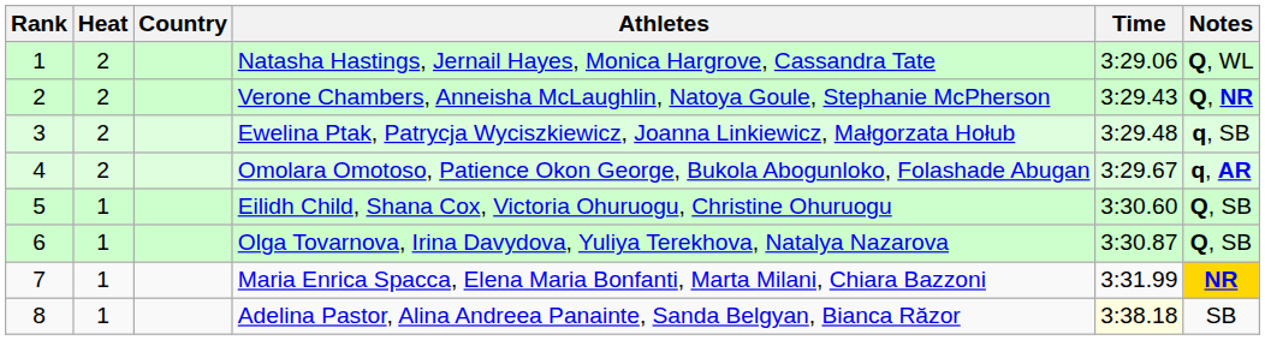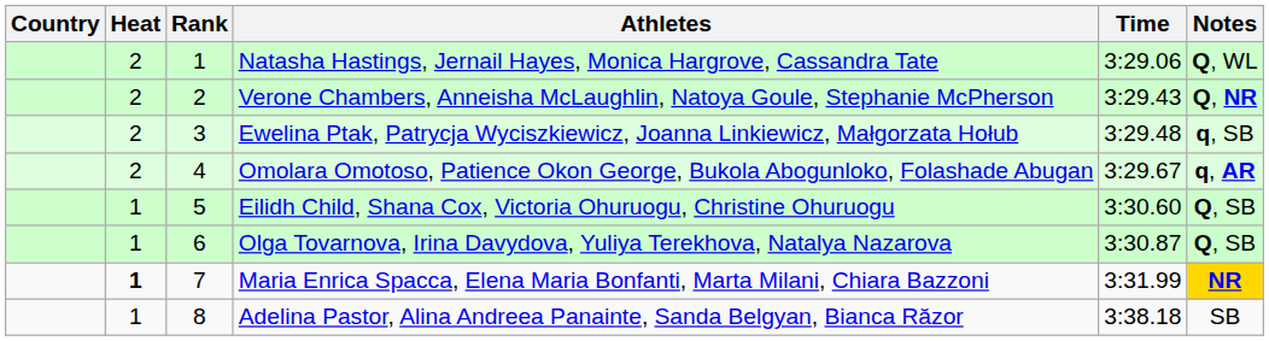 <table class="wikitable sortable" style="text-align:center">
 <tr>
+<th>Country</th>
+<th>Heat</th>
 <th>Rank</th>
-<th>Heat</th>
-<th>Country</th>
 <th>Athletes</th>
 <th>Time</th>
 <th>Notes</th>
 </tr>
 <tr bgcolor=ccffcc>
+<td align=left></td>
+<td>2</td>
 <td>1</td>
-<td>2</td>
-<td align=left></td>
 <td align=left><a href='#'>Natasha Hastings</a>, <a href='#'>Jernail Hayes</a>, <a href='#'>Monica Hargrove</a>, <a href='#'>Cassandra Tate</a></td>
 <td>3:29.06</td>
 <td><strong>Q</strong>, WL</td>
 </tr>
 <tr bgcolor=ccffcc>
+<td align=left></td>
 <td>2</td>
 <td>2</td>
-<td align=left></td>
 <td align=left><a href='#'>Verone Chambers</a>, <a href='#'>Anneisha McLaughlin</a>, <a href='#'>Natoya Goule</a>, <a href='#'>Stephanie McPherson</a></td>
 <td>3:29.43</td>
 <td><strong>Q</strong>, <strong><a href='#'>NR</a></strong></td>
 </tr>
 <tr bgcolor=ddffdd>
+<td align=left></td>
+<td>2</td>
 <td>3</td>
-<td>2</td>
-<td align=left></td>
 <td align=left><a href='#'>Ewelina Ptak</a>, <a href='#'>Patrycja Wyciszkiewicz</a>, <a href='#'>Joanna Linkiewicz</a>, <a href='#'>Małgorzata Hołub</a></td>
 <td>3:29.48</td>
 <td><strong>q</strong>, SB</td>
 </tr>
 <tr bgcolor=ddffdd>
+<td align=left></td>
+<td>2</td>
 <td>4</td>
-<td>2</td>
-<td align=left></td>
 <td align=left><a href='#'>Omolara Omotoso</a>, <a href='#'>Patience Okon George</a>, <a href='#'>Bukola Abogunloko</a>, <a href='#'>Folashade Abugan</a></td>
 <td>3:29.67</td>
 <td><strong>q</strong>, <strong><a href='#'>AR</a></strong></td>
 </tr>
 <tr bgcolor=ccffcc>
+<td align=left></td>
+<td>1</td>
 <td>5</td>
-<td>1</td>
-<td align=left></td>
 <td align=left><a href='#'>Eilidh Child</a>, <a href='#'>Shana Cox</a>, <a href='#'>Victoria Ohuruogu</a>, <a href='#'>Christine Ohuruogu</a></td>
 <td>3:30.60</td>
 <td><strong>Q</strong>, SB</td>
 </tr>
 <tr bgcolor=ccffcc>
+<td align=left></td>
+<td>1</td>
 <td>6</td>
-<td>1</td>
-<td align=left></td>
 <td align=left><a href='#'>Olga Tovarnova</a>, <a href='#'>Irina Davydova</a>, <a href='#'>Yuliya Terekhova</a>, <a href='#'>Natalya Nazarova</a></td>
 <td>3:30.87</td>
 <td><strong>Q</strong>, SB</td>
 </tr>
 <tr>
+<td align=left></td>
+<td><strong>1</strong></td>
 <td>7</td>
-<td>1</td>
-<td align=left></td>
 <td align=left><a href='#'>Maria Enrica Spacca</a>, <a href='#'>Elena Maria Bonfanti</a>, <a href='#'>Marta Milani</a>, <a href='#'>Chiara Bazzoni</a></td>
 <td>3:31.99</td>
 <td style="background: gold;"><strong><a href='#'>NR</a></strong></td>
 </tr>
 <tr>
+<td align=left></td>
+<td>1</td>
 <td>8</td>
-<td>1</td>
-<td align=left></td>
 <td align=left><a href='#'>Adelina Pastor</a>, <a href='#'>Alina Andreea Panainte</a>, <a href='#'>Sanda Belgyan</a>, <a href='#'>Bianca Răzor</a></td>
-<td style="background: lightyellow;">3:38.18</td>
+<td>3:38.18</td>
 <td>SB</td>
 </tr>
 </table>
